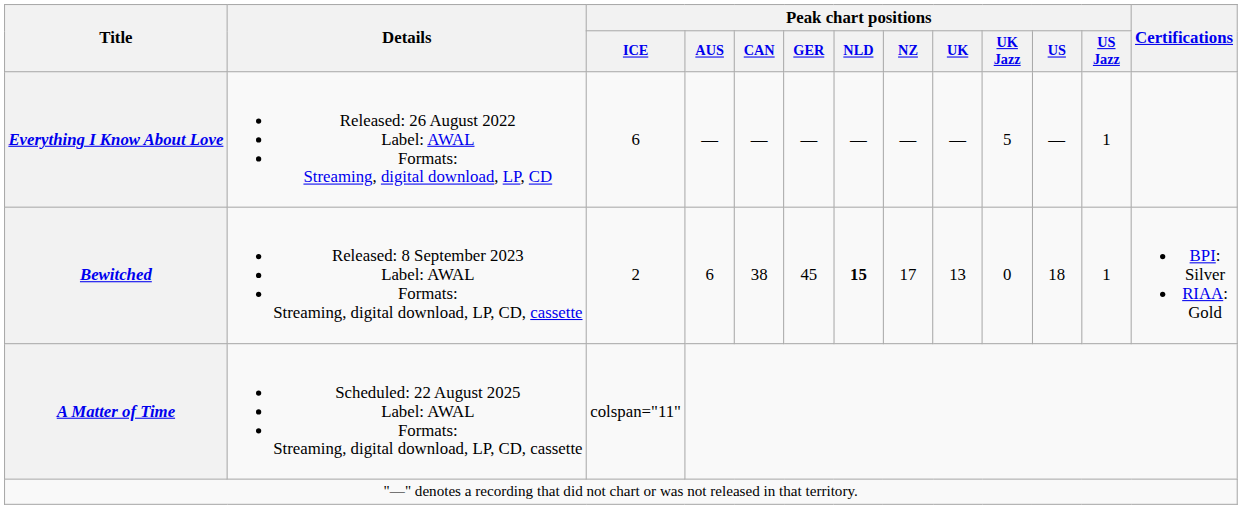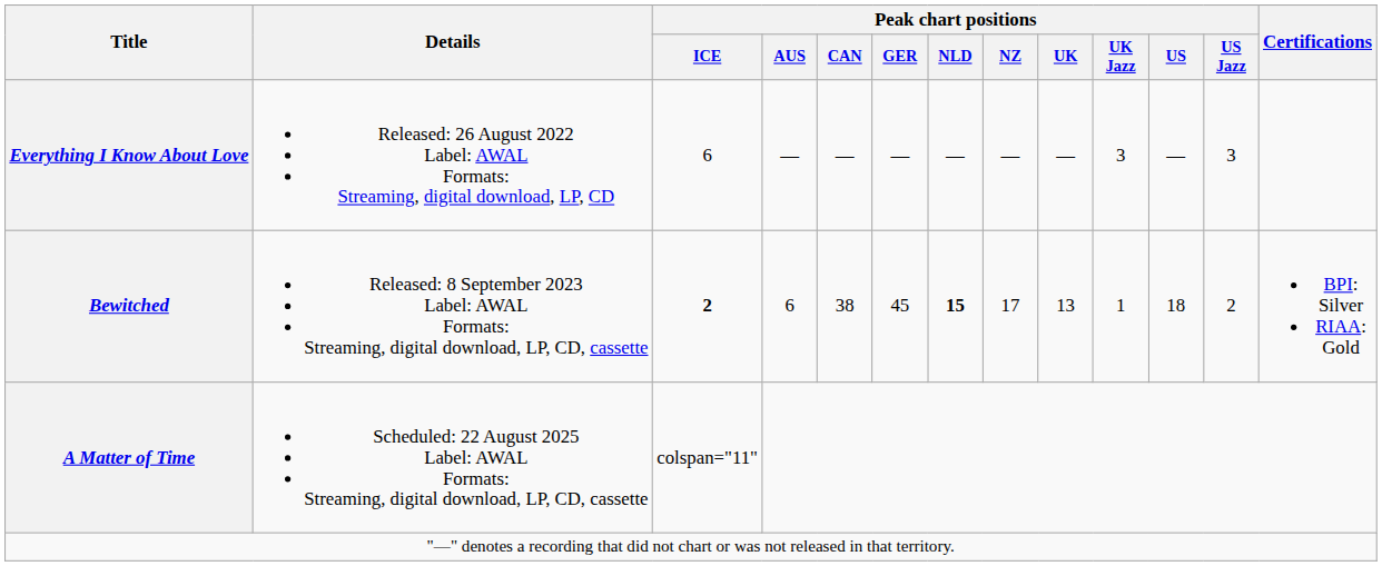 <table class="wikitable plainrowheaders" style="text-align:center">
 <tr>
 <th scope="col" rowspan="2">Title</th>
 <th scope="col" rowspan="2">Details</th>
 <th scope="col" colspan="10">Peak chart positions</th>
 <th scope="col" rowspan="2"><a href='#'>Certifications</a></th>
 </tr>
 <tr>
 <th scope="col" style="width:3em;font-size:85%;"><a href='#'>ICE</a><br></th>
 <th scope="col" style="width:3em;font-size:85%;"><a href='#'>AUS</a><br></th>
 <th scope="col" style="width:3em;font-size:85%;"><a href='#'>CAN</a><br></th>
 <th scope="col" style="width:3em;font-size:85%;"><a href='#'>GER</a><br></th>
 <th scope="col" style="width:3em;font-size:85%;"><a href='#'>NLD</a><br></th>
 <th scope="col" style="width:3em;font-size:85%;"><a href='#'>NZ</a><br></th>
 <th scope="col" style="width:3em;font-size:85%;"><a href='#'>UK</a><br></th>
 <th scope="col" style="width:3em;font-size:85%;"><a href='#'>UK<br>Jazz</a><br></th>
 <th scope="col" style="width:3em;font-size:85%;"><a href='#'>US</a><br></th>
 <th scope="col" style="width:3em;font-size:85%;"><a href='#'>US<br>Jazz</a><br></th>
 </tr>
 <tr>
 <th scope="row"><em><a href='#'>Everything I Know About Love</a></em></th>
 <td><br><ul><li>Released: 26 August 2022</li><li>Label: <a href='#'>AWAL</a></li><li>Formats:<br><a href='#'>Streaming</a>, <a href='#'>digital download</a>, <a href='#'>LP</a>, <a href='#'>CD</a></li></ul></td>
 <td>6</td>
 <td>—</td>
 <td>—</td>
 <td>—</td>
 <td>—</td>
 <td>—</td>
 <td>—</td>
-<td>5</td>
+<td>3</td>
 <td>—</td>
-<td>1</td>
+<td>3</td>
 <td></td>
 </tr>
 <tr>
 <th scope="row"><em><a href='#'>Bewitched</a></em></th>
 <td><br><ul><li>Released: 8 September 2023</li><li>Label: AWAL</li><li>Formats:<br>Streaming, digital download, LP, CD, <a href='#'>cassette</a></li></ul></td>
-<td>2</td>
+<td><strong>2</strong></td>
 <td>6</td>
 <td>38</td>
 <td>45</td>
 <td><strong>15</strong></td>
 <td>17</td>
 <td>13</td>
-<td>0</td>
+<td>1</td>
 <td>18</td>
-<td>1</td>
+<td>2</td>
 <td><br><ul><li><a href='#'>BPI</a>:<br>Silver</li><li><a href='#'>RIAA</a>:<br>Gold</li></ul></td>
 </tr>
 <tr>
 <th scope="row"><em><a href='#'>A Matter of Time</a></em></th>
 <td><br><ul><li>Scheduled: 22 August 2025</li><li>Label: AWAL</li><li>Formats:<br>Streaming, digital download, LP, CD, cassette</li></ul></td>
 <td>colspan="11" </td>
 </tr>
 <tr>
 <td colspan="13" style="font-size:90%">"—" denotes a recording that did not chart or was not released in that territory.</td>
 </tr>
 </table>
